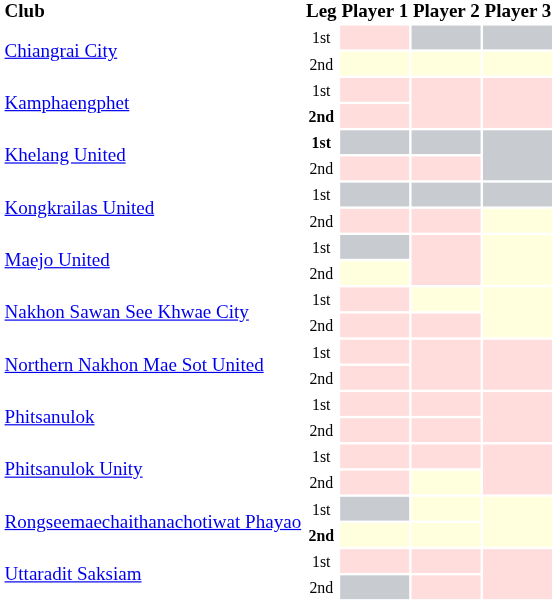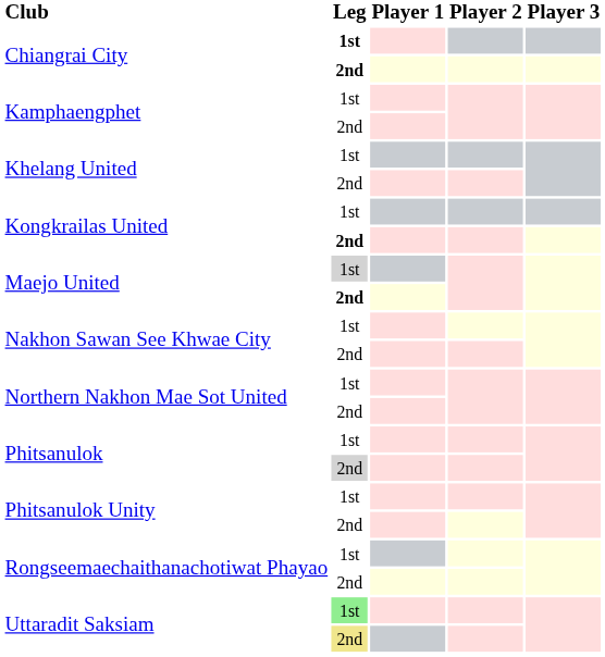 <table class="sortable" style="text-align:left">
 <tr>
 <th>Club</th>
 <th>Leg</th>
 <th>Player 1</th>
 <th>Player 2</th>
 <th>Player 3</th>
 </tr>
 <tr>
 <td rowspan="2"><a href='#'>Chiangrai City</a></td>
-<td align="center"><small>1st</small></td>
+<td align="center"><strong><small>1st</small></strong></td>
 <td bgcolor="#ffdddd"></td>
 <td bgcolor="#c8ccd1"></td>
 <td bgcolor="#c8ccd1"></td>
 </tr>
 <tr>
-<td align="center"><small>2nd</small></td>
+<td align="center"><strong><small>2nd</small></strong></td>
 <td bgcolor="#ffffdd"></td>
 <td bgcolor="#ffffdd"></td>
 <td bgcolor="#ffffdd"></td>
 </tr>
 <tr>
 <td rowspan="2"><a href='#'>Kamphaengphet</a></td>
 <td align="center"><small>1st</small></td>
 <td bgcolor="#ffdddd"></td>
 <td bgcolor="#ffdddd"rowspan="2"></td>
 <td bgcolor="#ffdddd"rowspan="2"></td>
 </tr>
 <tr>
-<td align="center"><strong><small>2nd</small></strong></td>
+<td align="center"><small>2nd</small></td>
 <td bgcolor="#ffdddd"></td>
 </tr>
 <tr>
 <td rowspan="2"><a href='#'>Khelang United</a></td>
-<td align="center"><strong><small>1st</small></strong></td>
+<td align="center"><small>1st</small></td>
 <td bgcolor="#c8ccd1"></td>
 <td bgcolor="#c8ccd1"></td>
 <td bgcolor="#c8ccd1"rowspan="2"></td>
 </tr>
 <tr>
 <td align="center"><small>2nd</small></td>
 <td bgcolor="#ffdddd"></td>
 <td bgcolor="#ffdddd"></td>
 </tr>
 <tr>
 <td rowspan="2"><a href='#'>Kongkrailas United</a></td>
 <td align="center"><small>1st</small></td>
 <td bgcolor="#c8ccd1"></td>
 <td bgcolor="#c8ccd1"></td>
 <td bgcolor="#c8ccd1"></td>
 </tr>
 <tr>
-<td align="center"><small>2nd</small></td>
+<td align="center"><strong><small>2nd</small></strong></td>
 <td bgcolor="#ffdddd"></td>
 <td bgcolor="#ffdddd"></td>
 <td bgcolor="#ffffdd"></td>
 </tr>
 <tr>
 <td rowspan="2"><a href='#'>Maejo United</a></td>
-<td align="center"><small>1st</small></td>
+<td align="center" style="background: lightgrey;"><small>1st</small></td>
 <td bgcolor="#c8ccd1"></td>
 <td bgcolor="#ffdddd"rowspan="2"></td>
 <td bgcolor="#ffffdd"rowspan="2"></td>
 </tr>
 <tr>
-<td align="center"><small>2nd</small></td>
+<td align="center"><strong><small>2nd</small></strong></td>
 <td bgcolor="#ffffdd"></td>
 </tr>
 <tr>
 <td rowspan="2"><a href='#'>Nakhon Sawan See Khwae City</a></td>
 <td align="center"><small>1st</small></td>
 <td bgcolor="#ffdddd"></td>
 <td bgcolor="#ffffdd"></td>
 <td bgcolor="#ffffdd"rowspan="2"></td>
 </tr>
 <tr>
 <td align="center"><small>2nd</small></td>
 <td bgcolor="#ffdddd"></td>
 <td bgcolor="#ffdddd"></td>
 </tr>
 <tr>
 <td rowspan="2"><a href='#'>Northern Nakhon Mae Sot United</a></td>
 <td align="center"><small>1st</small></td>
 <td bgcolor="#ffdddd"></td>
 <td bgcolor="#ffdddd"rowspan="2"></td>
 <td bgcolor="#ffdddd"rowspan="2"></td>
 </tr>
 <tr>
 <td align="center"><small>2nd</small></td>
 <td bgcolor="#ffdddd"></td>
 </tr>
 <tr>
 <td rowspan="2"><a href='#'>Phitsanulok</a></td>
 <td align="center"><small>1st</small></td>
 <td bgcolor="#ffdddd"></td>
 <td bgcolor="#ffdddd"></td>
 <td bgcolor="#ffdddd"rowspan="2"></td>
 </tr>
 <tr>
-<td align="center"><small>2nd</small></td>
+<td align="center" style="background: lightgrey;"><small>2nd</small></td>
 <td bgcolor="#ffdddd"></td>
 <td bgcolor="#ffdddd"></td>
 </tr>
 <tr>
 <td rowspan="2"><a href='#'>Phitsanulok Unity</a></td>
 <td align="center"><small>1st</small></td>
 <td bgcolor="#ffdddd"></td>
 <td bgcolor="#ffdddd"></td>
 <td bgcolor="#ffdddd"rowspan="2"></td>
 </tr>
 <tr>
 <td align="center"><small>2nd</small></td>
 <td bgcolor="#ffdddd"></td>
 <td bgcolor="#ffffdd"></td>
 </tr>
 <tr>
 <td rowspan="2"><a href='#'>Rongseemaechaithanachotiwat Phayao</a></td>
 <td align="center"><small>1st</small></td>
 <td bgcolor="#c8ccd1"></td>
 <td bgcolor="#ffffdd"></td>
 <td bgcolor="#ffffdd"rowspan="2"></td>
 </tr>
 <tr>
-<td align="center"><strong><small>2nd</small></strong></td>
+<td align="center"><small>2nd</small></td>
 <td bgcolor="#ffffdd"></td>
 <td bgcolor="#ffffdd"></td>
 </tr>
 <tr>
 <td rowspan="2"><a href='#'>Uttaradit Saksiam</a></td>
-<td align="center"><small>1st</small></td>
+<td align="center" style="background: lightgreen;"><small>1st</small></td>
 <td bgcolor="#ffdddd"></td>
 <td bgcolor="#ffdddd"></td>
 <td bgcolor="#ffdddd"rowspan="2"></td>
 </tr>
 <tr>
-<td align="center"><small>2nd</small></td>
+<td align="center" style="background: khaki;"><small>2nd</small></td>
 <td bgcolor="#c8ccd1"></td>
 <td bgcolor="#ffdddd"></td>
 </tr>
 </table>
